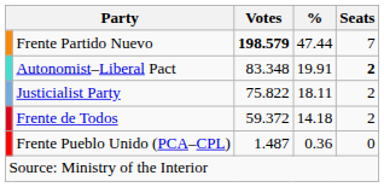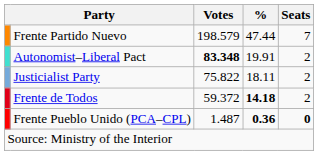 <table class=wikitable style=text-align:right>
 <tr>
 <th colspan=2>Party</th>
 <th>Votes</th>
 <th>%</th>
 <th>Seats</th>
 </tr>
 <tr>
 <td bgcolor=#FF8800></td>
 <td align=left>Frente Partido Nuevo</td>
-<td><strong>198.579</strong></td>
+<td>198.579</td>
 <td>47.44</td>
 <td>7</td>
 </tr>
 <tr>
 <td bgcolor=#40e0d0></td>
 <td align=left><a href='#'>Autonomist</a>–<a href='#'>Liberal</a> Pact</td>
-<td>83.348</td>
+<td><strong>83.348</strong></td>
 <td>19.91</td>
-<td><strong>2</strong></td>
+<td>2</td>
 </tr>
 <tr>
 <td bgcolor=#75AADB></td>
 <td align=left><a href='#'>Justicialist Party</a></td>
 <td>75.822</td>
 <td>18.11</td>
 <td>2</td>
 </tr>
 <tr>
 <td bgcolor=#E10019></td>
 <td align=left><a href='#'>Frente de Todos</a></td>
 <td>59.372</td>
-<td>14.18</td>
+<td><strong>14.18</strong></td>
 <td>2</td>
 </tr>
 <tr>
 <td bgcolor=red></td>
 <td align=left>Frente Pueblo Unido (<a href='#'>PCA</a>–<a href='#'>CPL</a>)</td>
 <td>1.487</td>
-<td>0.36</td>
-<td>0</td>
+<td><strong>0.36</strong></td>
+<td><strong>0</strong></td>
 </tr>
 <tr>
 <td colspan="5" align="left">Source: Ministry of the Interior</td>
 </tr>
 </table>
